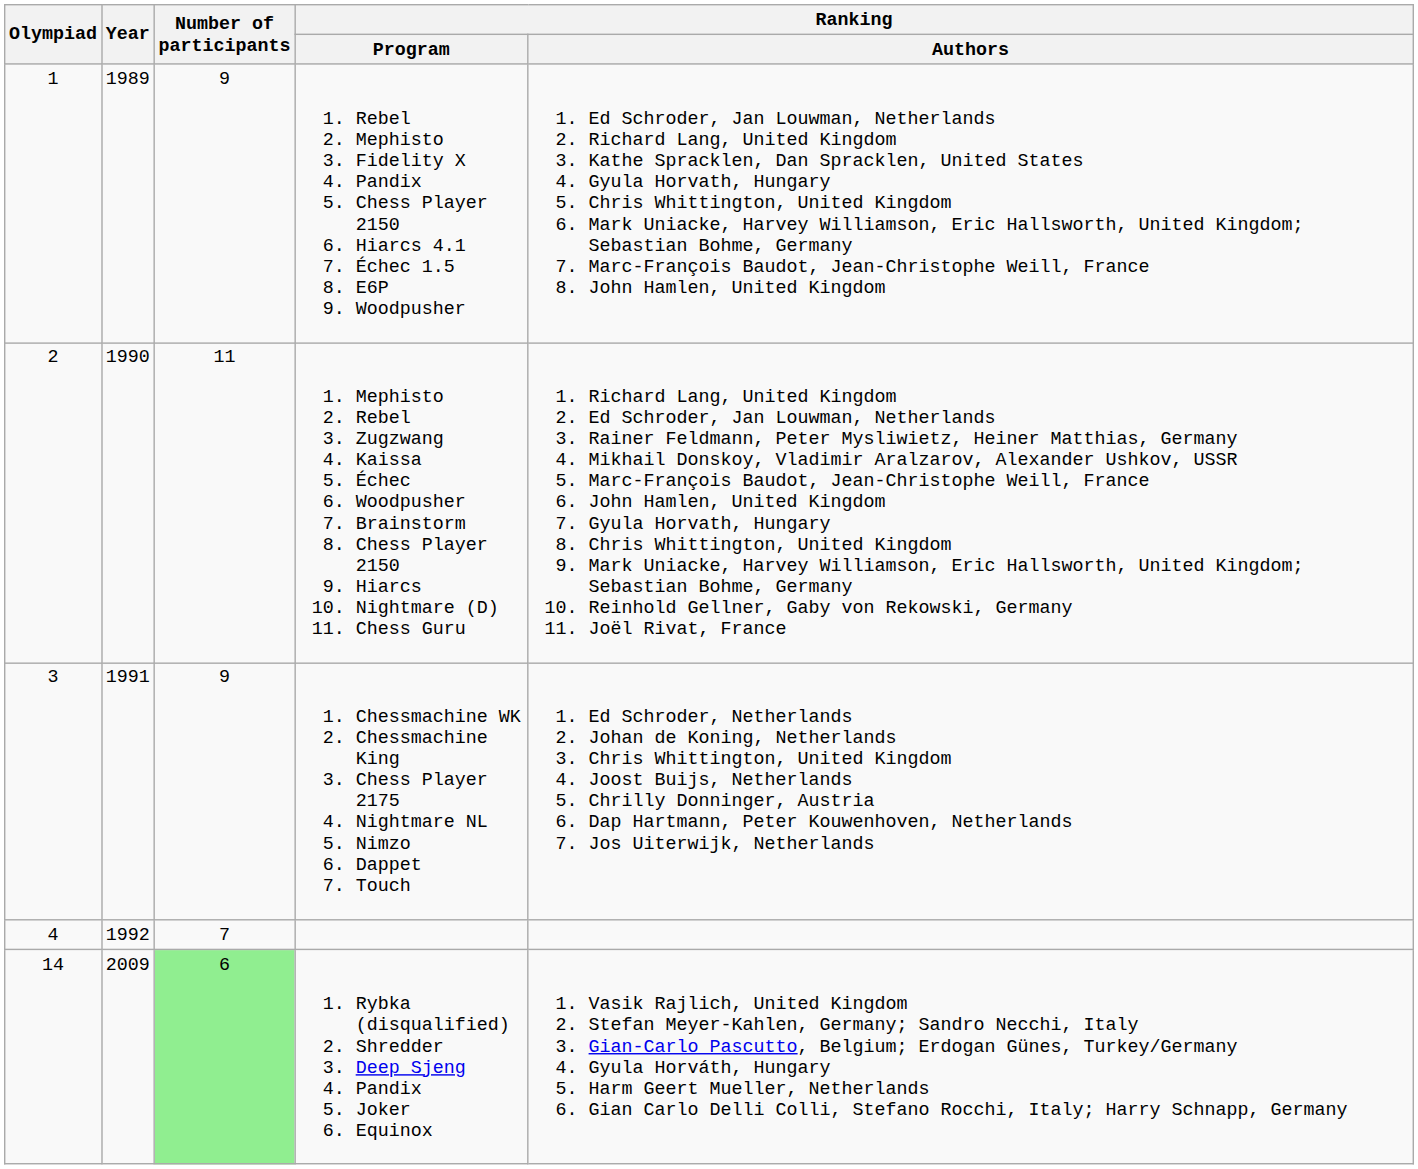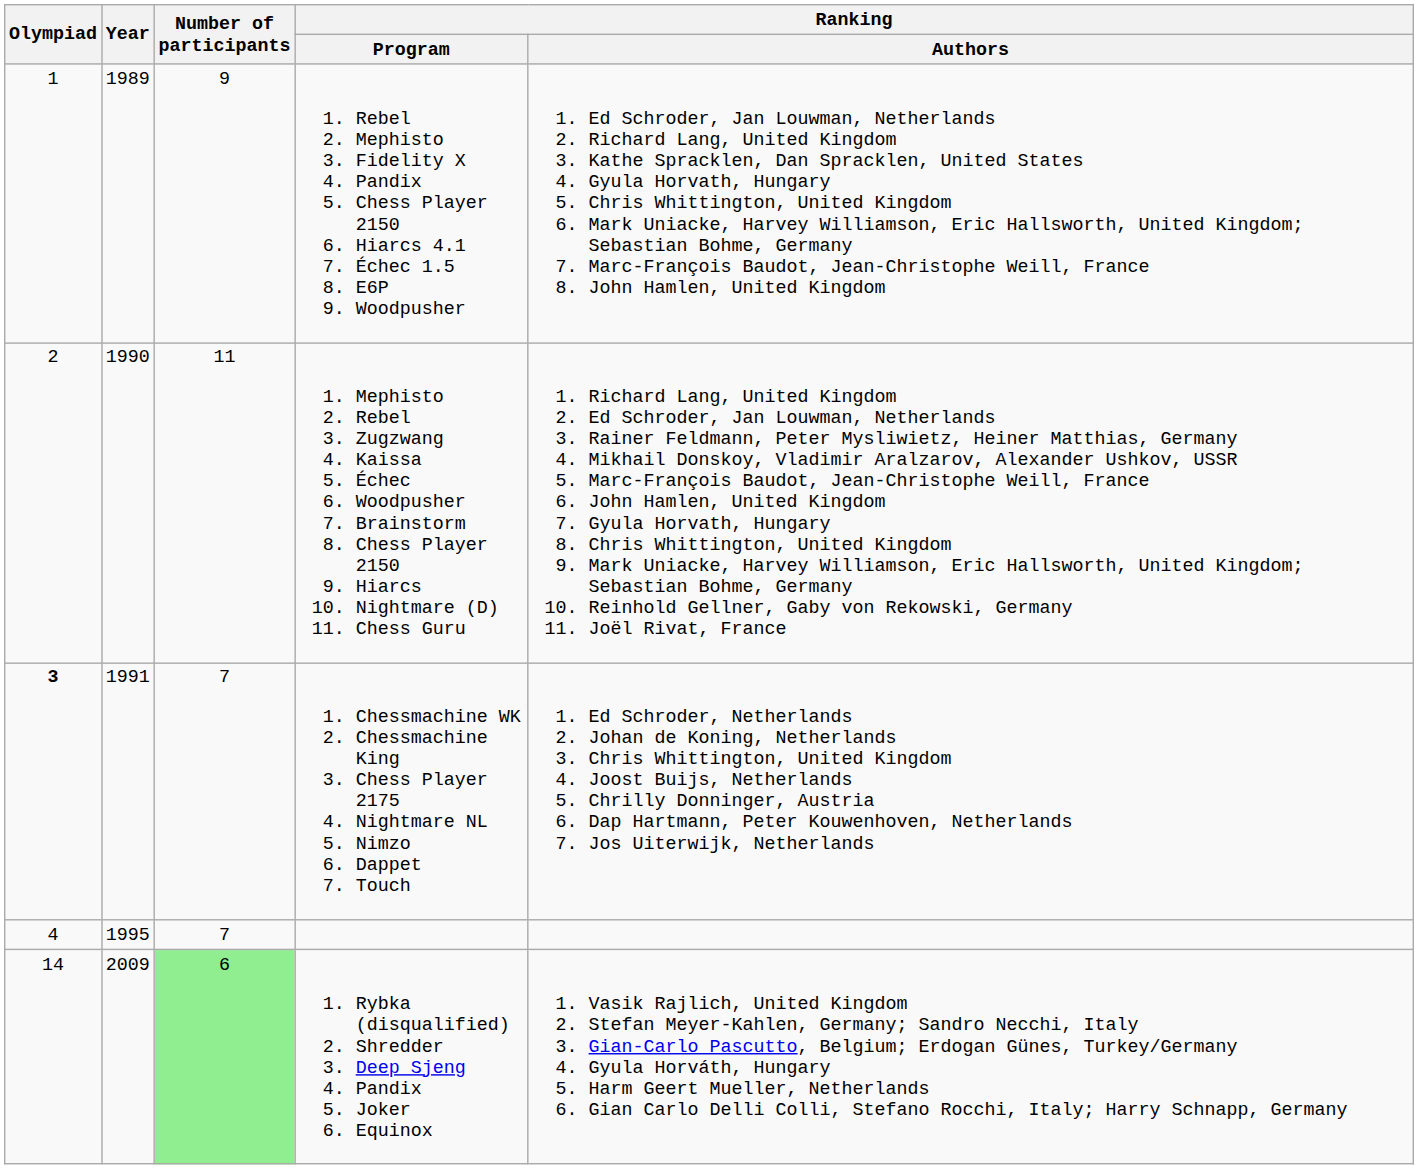 <table class="wikitable" style="width: 1000px;">
 <tr>
 <th rowspan=2>Olympiad</th>
 <th rowspan=2>Year</th>
 <th rowspan=2>Number of<br>participants</th>
 <th colspan=2>Ranking</th>
 </tr>
 <tr align="center">
 <th>Program</th>
 <th>Authors</th>
 </tr>
 <tr align="center" valign="top">
 <td style="width: 60px;">1</td>
 <td style="width: 30px;">1989</td>
 <td style="width: 80px;">9</td>
 <td style="width: 160px;" align="left"><br><ol><li>Rebel</li><li>Mephisto</li><li>Fidelity X</li><li>Pandix</li><li>Chess Player 2150</li><li>Hiarcs 4.1</li><li>Échec 1.5</li><li>E6P</li><li>Woodpusher</li></ol></td>
 <td style="width: 670px;" align=left><br><ol><li>Ed Schroder, Jan Louwman, Netherlands</li><li>Richard Lang, United Kingdom</li><li>Kathe Spracklen, Dan Spracklen, United States</li><li>Gyula Horvath, Hungary</li><li>Chris Whittington, United Kingdom</li><li>Mark Uniacke, Harvey Williamson, Eric Hallsworth, United Kingdom; Sebastian Bohme, Germany</li><li>Marc-François Baudot, Jean-Christophe Weill, France</li><li>John Hamlen, United Kingdom</li></ol></td>
 </tr>
 <tr align="center" valign="top">
 <td>2</td>
 <td>1990</td>
 <td>11</td>
 <td align="left"><br><ol><li>Mephisto</li><li>Rebel</li><li>Zugzwang</li><li>Kaissa</li><li>Échec</li><li>Woodpusher</li><li>Brainstorm</li><li>Chess Player 2150</li><li>Hiarcs</li><li>Nightmare (D)</li><li>Chess Guru</li></ol></td>
 <td align=left><br><ol><li>Richard Lang, United Kingdom</li><li>Ed Schroder, Jan Louwman, Netherlands</li><li>Rainer Feldmann, Peter Mysliwietz, Heiner Matthias, Germany</li><li>Mikhail Donskoy, Vladimir Aralzarov, Alexander Ushkov, USSR</li><li>Marc-François Baudot, Jean-Christophe Weill, France</li><li>John Hamlen, United Kingdom</li><li>Gyula Horvath, Hungary</li><li>Chris Whittington, United Kingdom</li><li>Mark Uniacke, Harvey Williamson, Eric Hallsworth, United Kingdom; Sebastian Bohme, Germany</li><li>Reinhold Gellner, Gaby von Rekowski, Germany</li><li>Joël Rivat, France</li></ol></td>
 </tr>
 <tr align="center" valign="top">
-<td>3</td>
+<td><strong>3</strong></td>
 <td>1991</td>
-<td>9</td>
+<td>7</td>
 <td align="left"><br><ol><li>Chessmachine WK</li><li>Chessmachine King</li><li>Chess Player 2175</li><li>Nightmare NL</li><li>Nimzo</li><li>Dappet</li><li>Touch</li></ol></td>
 <td align=left><br><ol><li>Ed Schroder, Netherlands</li><li>Johan de Koning, Netherlands</li><li>Chris Whittington, United Kingdom</li><li>Joost Buijs, Netherlands</li><li>Chrilly Donninger, Austria</li><li>Dap Hartmann, Peter Kouwenhoven, Netherlands</li><li>Jos Uiterwijk, Netherlands</li></ol></td>
 </tr>
 <tr align="center" valign="top">
 <td>4</td>
-<td>1992</td>
+<td>1995</td>
 <td>7</td>
 <td align="left"></td>
 <td align=left></td>
 </tr>
 <tr align="center" valign="top">
 <td>14</td>
 <td>2009</td>
 <td style="background: lightgreen;">6</td>
 <td align="left"><br><ol><li>Rybka (disqualified)</li><li>Shredder</li><li><a href='#'>Deep Sjeng</a></li><li>Pandix</li><li>Joker</li><li>Equinox</li></ol></td>
 <td align=left><br><ol><li>Vasik Rajlich, United Kingdom</li><li>Stefan Meyer-Kahlen, Germany; Sandro Necchi, Italy</li><li><a href='#'>Gian-Carlo Pascutto</a>, Belgium; Erdogan Günes, Turkey/Germany</li><li>Gyula Horváth, Hungary</li><li>Harm Geert Mueller, Netherlands</li><li>Gian Carlo Delli Colli, Stefano Rocchi, Italy; Harry Schnapp, Germany</li></ol></td>
 </tr>
 </table>
